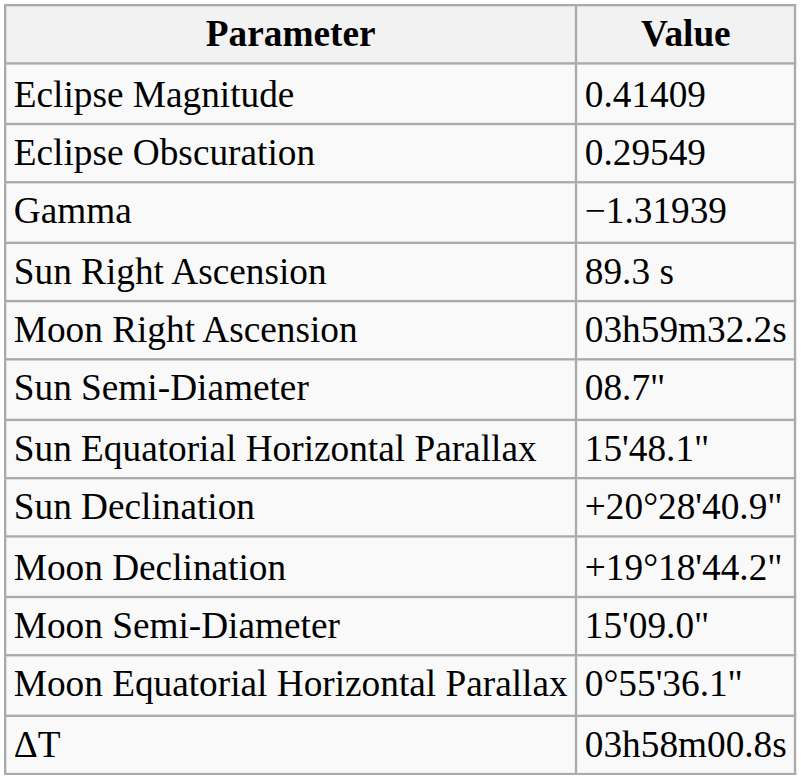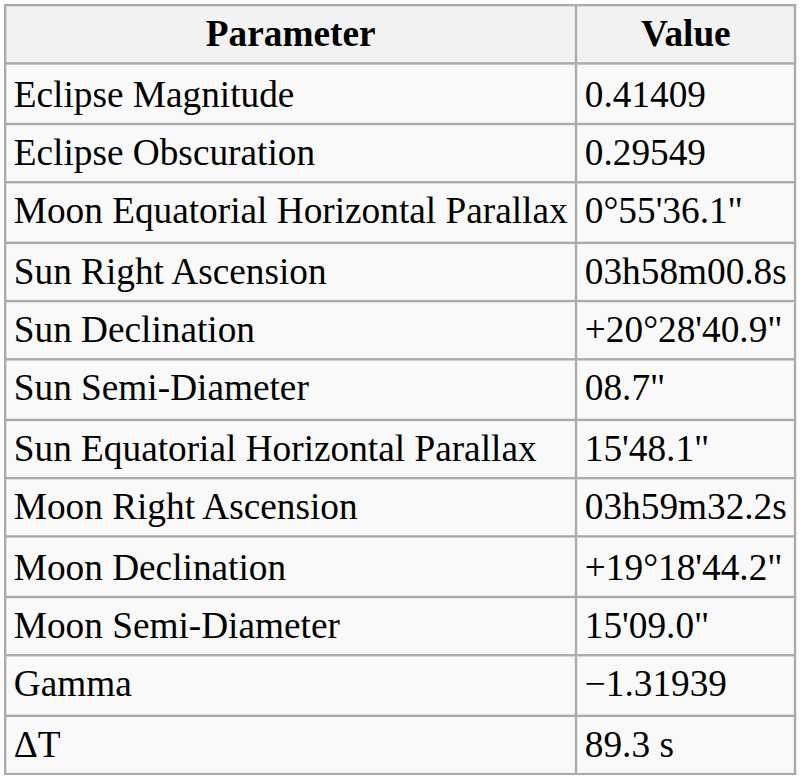 <table class="wikitable">
 <tr>
 <th>Parameter</th>
 <th>Value</th>
 </tr>
 <tr>
 <td>Eclipse Magnitude</td>
 <td>0.41409</td>
 </tr>
 <tr>
 <td>Eclipse Obscuration</td>
 <td>0.29549</td>
 </tr>
 <tr>
-<td>Gamma</td>
-<td>−1.31939</td>
+<td>Moon Equatorial Horizontal Parallax</td>
+<td>0°55'36.1"</td>
 </tr>
 <tr>
 <td>Sun Right Ascension</td>
-<td>89.3 s</td>
+<td>03h58m00.8s</td>
 </tr>
 <tr>
-<td>Moon Right Ascension</td>
-<td>03h59m32.2s</td>
+<td>Sun Declination</td>
+<td>+20°28'40.9"</td>
 </tr>
 <tr>
 <td>Sun Semi-Diameter</td>
 <td>08.7"</td>
 </tr>
 <tr>
 <td>Sun Equatorial Horizontal Parallax</td>
 <td>15'48.1"</td>
 </tr>
 <tr>
-<td>Sun Declination</td>
-<td>+20°28'40.9"</td>
+<td>Moon Right Ascension</td>
+<td>03h59m32.2s</td>
 </tr>
 <tr>
 <td>Moon Declination</td>
 <td>+19°18'44.2"</td>
 </tr>
 <tr>
 <td>Moon Semi-Diameter</td>
 <td>15'09.0"</td>
 </tr>
 <tr>
-<td>Moon Equatorial Horizontal Parallax</td>
-<td>0°55'36.1"</td>
+<td>Gamma</td>
+<td>−1.31939</td>
 </tr>
 <tr>
 <td>ΔT</td>
-<td>03h58m00.8s</td>
+<td>89.3 s</td>
 </tr>
 </table>
